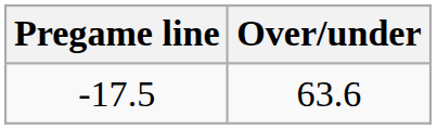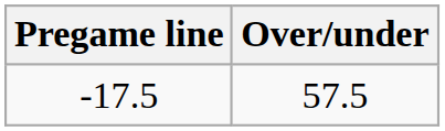 <table class="wikitable" style="margin-left: auto; margin-right: auto; border: none; display: inline-table;">
 <tr align="center">
 <th style=>Pregame line</th>
 <th style=>Over/under</th>
 </tr>
 <tr align="center">
 <td>-17.5</td>
-<td>63.6</td>
+<td>57.5</td>
 </tr>
 </table>
